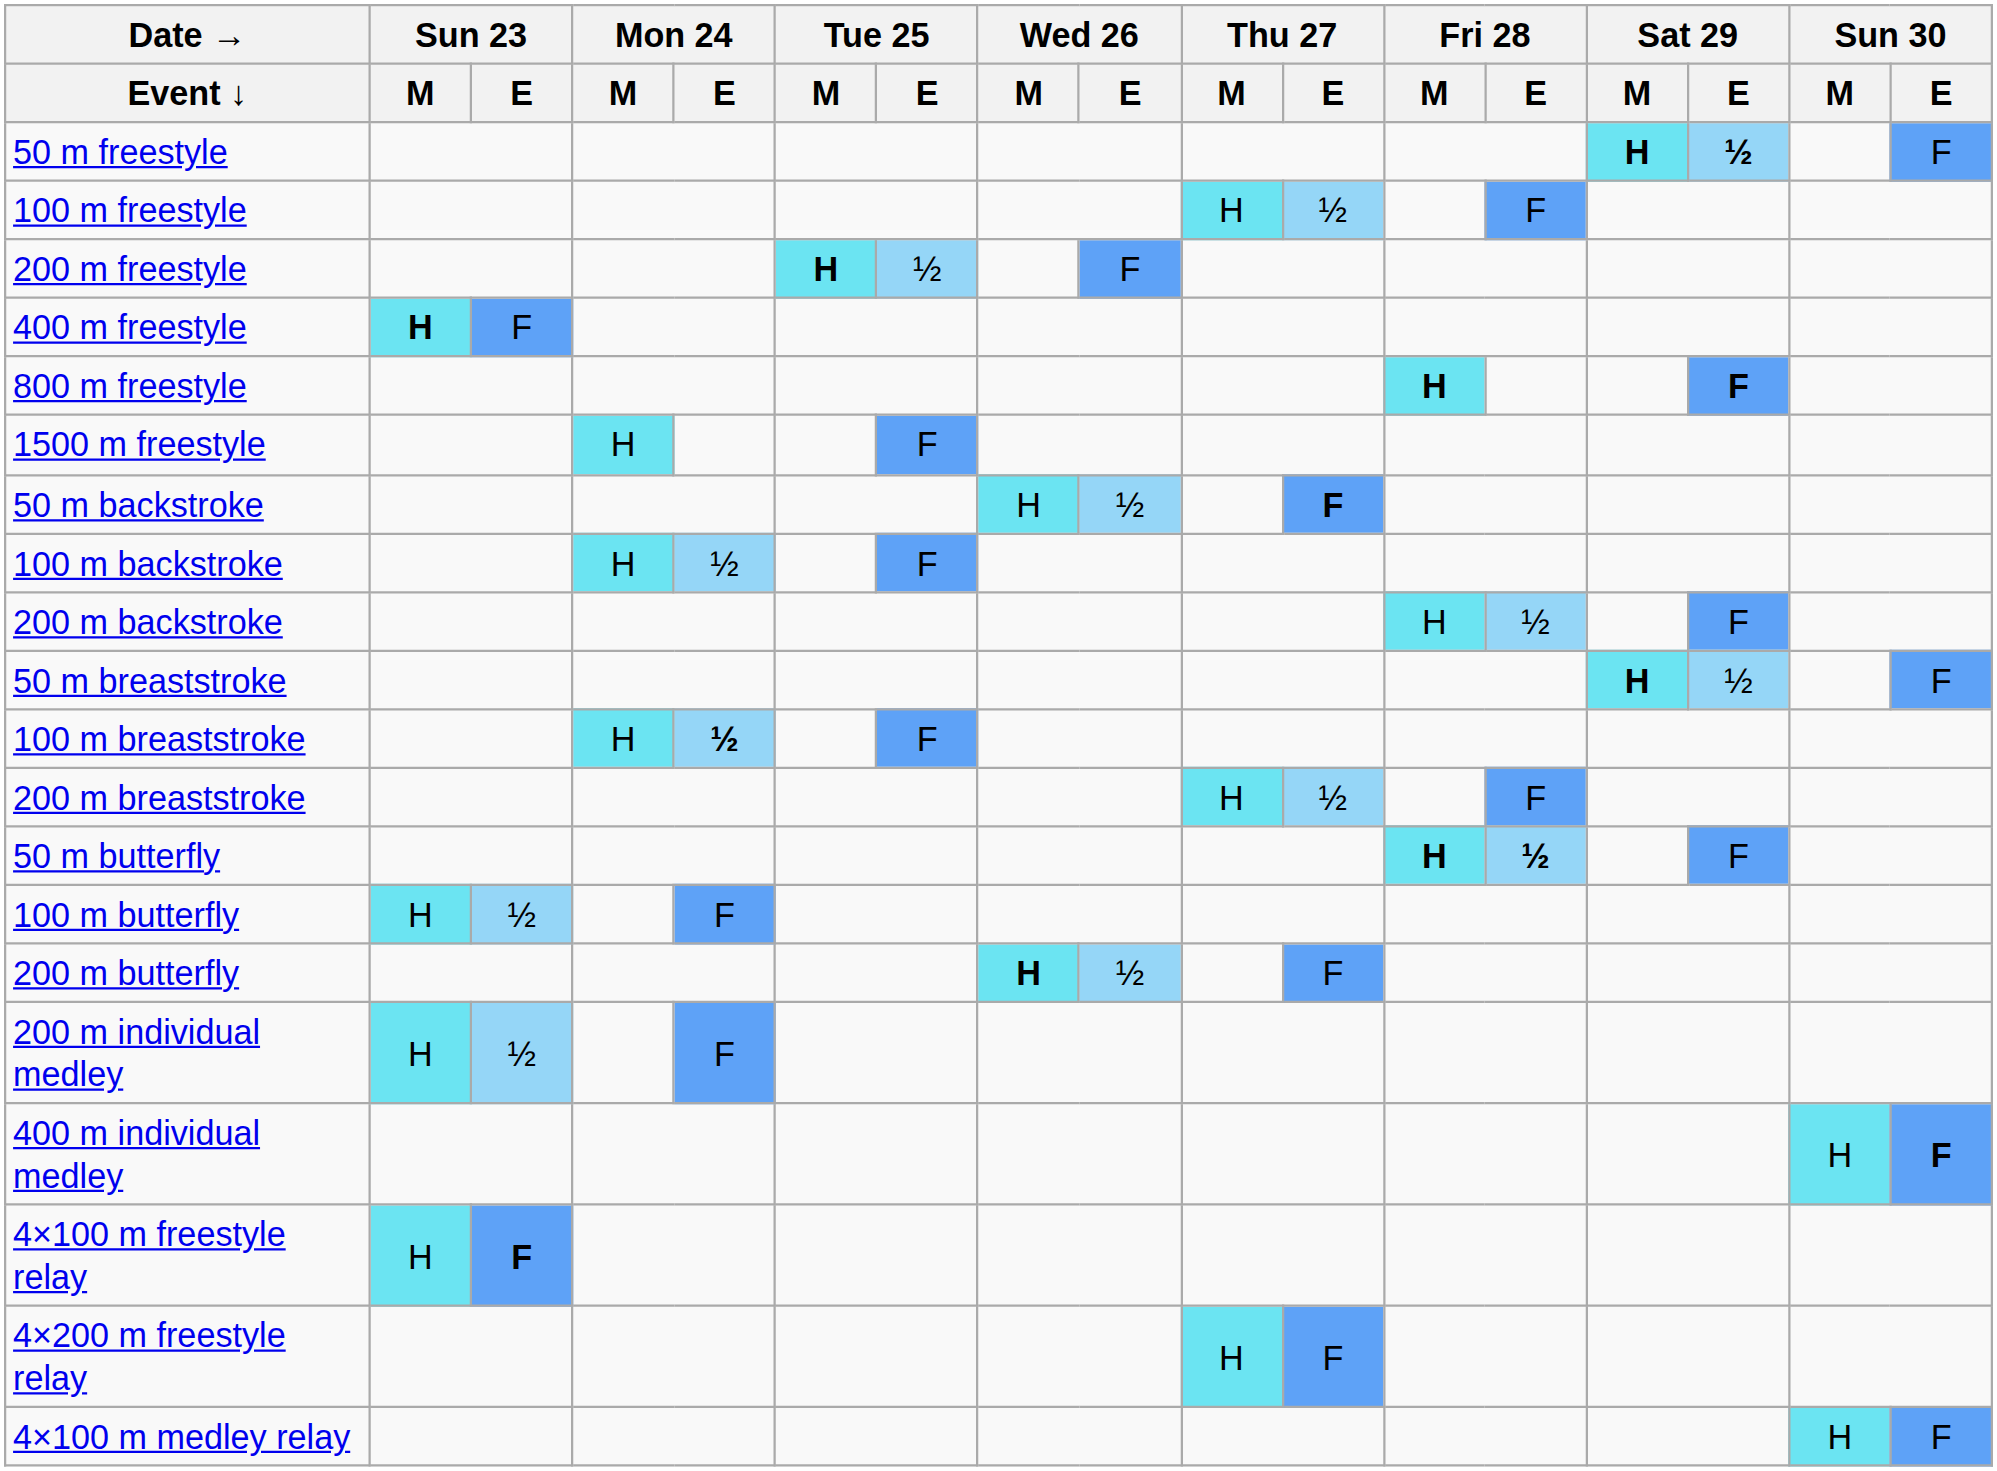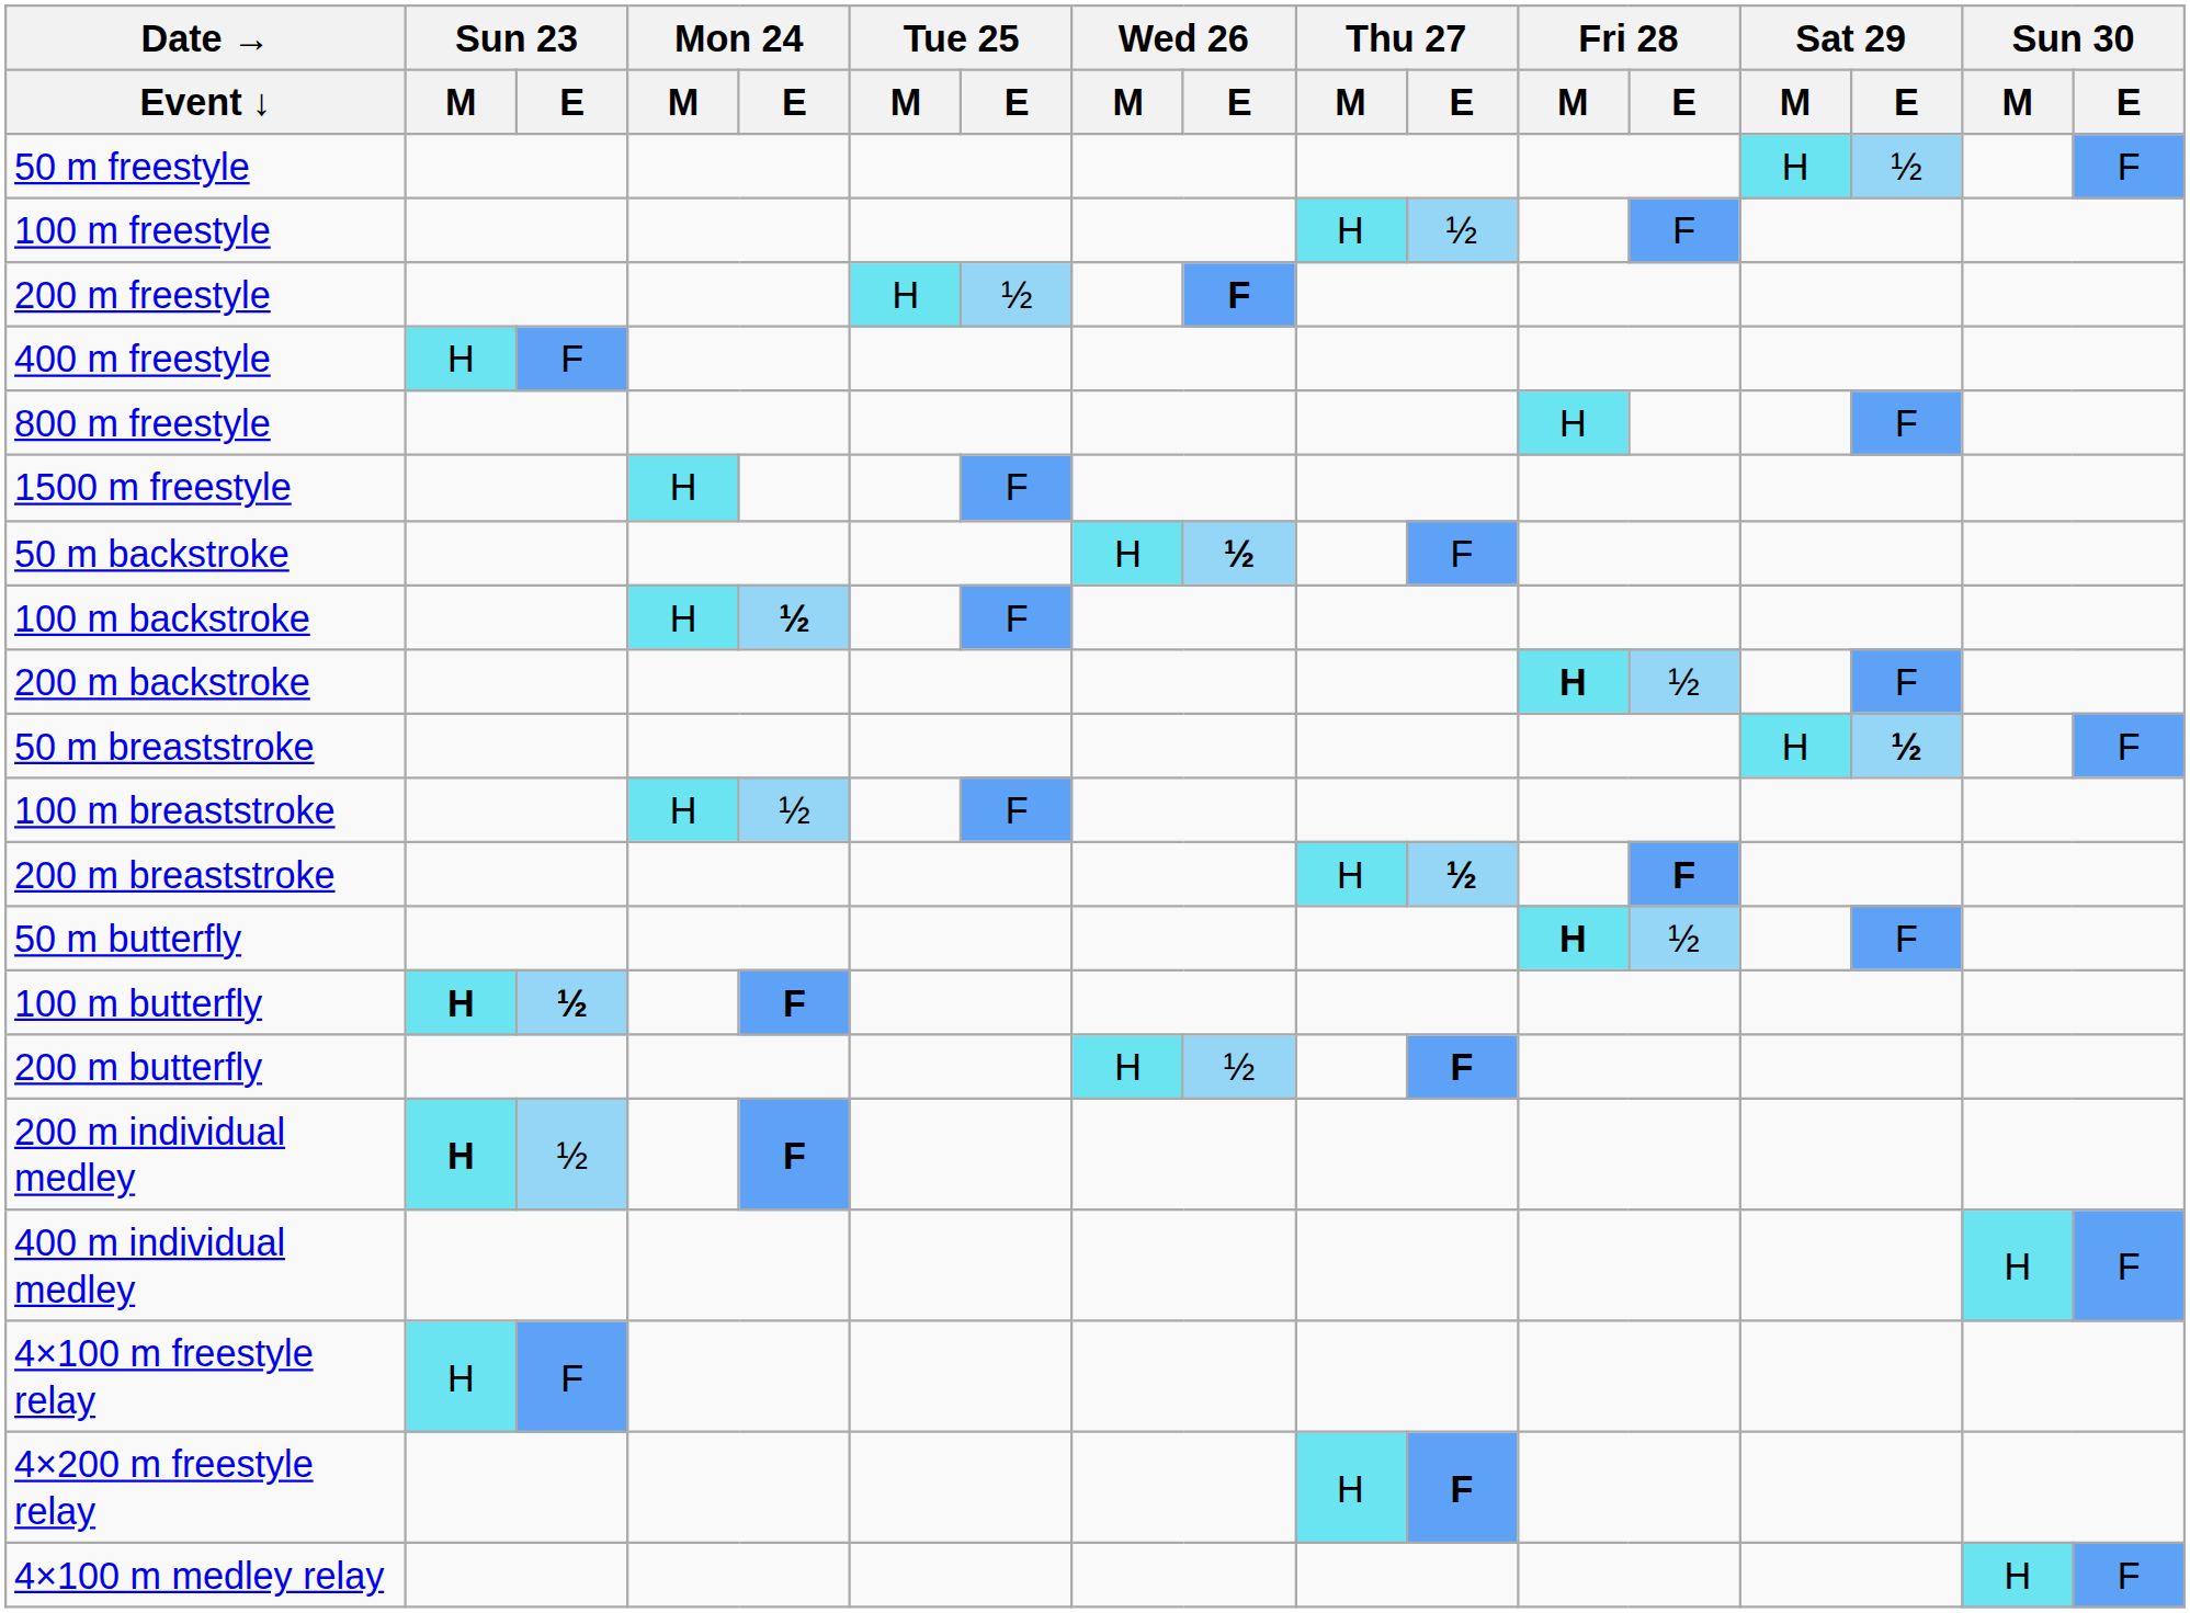 <table class="wikitable" style="margin:0.5em auto; font-size:95%; line-height:1.25em;">
 <tr style="text-align:center;">
 <th>Date →</th>
 <th colspan="2">Sun 23</th>
 <th colspan="2">Mon 24</th>
 <th colspan="2">Tue 25</th>
 <th colspan="2">Wed 26</th>
 <th colspan="2">Thu 27</th>
 <th colspan="2">Fri 28</th>
 <th colspan="2">Sat 29</th>
 <th colspan="2">Sun 30</th>
 </tr>
 <tr>
 <th>Event   ↓</th>
 <th style="width:2.5em;">M</th>
 <th style="width:2.5em;">E</th>
 <th style="width:2.5em;">M</th>
 <th style="width:2.5em;">E</th>
 <th style="width:2.5em;">M</th>
 <th style="width:2.5em;">E</th>
 <th style="width:2.5em;">M</th>
 <th style="width:2.5em;">E</th>
 <th style="width:2.5em;">M</th>
 <th style="width:2.5em;">E</th>
 <th style="width:2.5em;">M</th>
 <th style="width:2.5em;">E</th>
 <th style="width:2.5em;">M</th>
 <th style="width:2.5em;">E</th>
 <th style="width:2.5em;">M</th>
 <th style="width:2.5em;">E</th>
 </tr>
 <tr style="text-align:center;">
 <td style="text-align:left;"><a href='#'>50 m freestyle</a></td>
 <td colspan="2"></td>
 <td colspan="2"></td>
 <td colspan="2"></td>
 <td colspan="2"></td>
 <td colspan="2"></td>
 <td colspan="2"></td>
-<td style="background-color:#6be4f2;"><strong>H</strong></td>
-<td style="background-color:#95d6f7;"><strong>½</strong></td>
+<td style="background-color:#6be4f2;">H</td>
+<td style="background-color:#95d6f7;">½</td>
 <td></td>
 <td style="background-color:#5ea2f7;">F</td>
 </tr>
 <tr style="text-align:center;">
 <td style="text-align:left;"><a href='#'>100 m freestyle</a></td>
 <td colspan="2"></td>
 <td colspan="2"></td>
 <td colspan="2"></td>
 <td colspan="2"></td>
 <td style="background-color:#6be4f2;">H</td>
 <td style="background-color:#95d6f7;">½</td>
 <td></td>
 <td style="background-color:#5ea2f7;">F</td>
 <td colspan="2"></td>
 <td colspan="2"></td>
 </tr>
 <tr style="text-align:center;">
 <td style="text-align:left;"><a href='#'>200 m freestyle</a></td>
 <td colspan="2"></td>
 <td colspan="2"></td>
-<td style="background-color:#6be4f2;"><strong>H</strong></td>
+<td style="background-color:#6be4f2;">H</td>
 <td style="background-color:#95d6f7;">½</td>
 <td></td>
-<td style="background-color:#5ea2f7;">F</td>
+<td style="background-color:#5ea2f7;"><strong>F</strong></td>
 <td colspan="2"></td>
 <td colspan="2"></td>
 <td colspan="2"></td>
 <td colspan="2"></td>
 </tr>
 <tr style="text-align:center;">
 <td style="text-align:left;"><a href='#'>400 m freestyle</a></td>
-<td style="background-color:#6be4f2;"><strong>H</strong></td>
+<td style="background-color:#6be4f2;">H</td>
 <td style="background-color:#5ea2f7;">F</td>
 <td colspan="2"></td>
 <td colspan="2"></td>
 <td colspan="2"></td>
 <td colspan="2"></td>
 <td colspan="2"></td>
 <td colspan="2"></td>
 <td colspan="2"></td>
 </tr>
 <tr style="text-align:center;">
 <td style="text-align:left;"><a href='#'>800 m freestyle</a></td>
 <td colspan="2"></td>
 <td colspan="2"></td>
 <td colspan="2"></td>
 <td colspan="2"></td>
 <td colspan="2"></td>
-<td style="background-color:#6be4f2;"><strong>H</strong></td>
+<td style="background-color:#6be4f2;">H</td>
 <td></td>
 <td></td>
-<td style="background-color:#5ea2f7;"><strong>F</strong></td>
+<td style="background-color:#5ea2f7;">F</td>
 <td colspan="2"></td>
 </tr>
 <tr style="text-align:center;">
 <td style="text-align:left;"><a href='#'>1500 m freestyle</a></td>
 <td colspan="2"></td>
 <td style="background-color:#6be4f2;">H</td>
 <td></td>
 <td></td>
 <td style="background-color:#5ea2f7;">F</td>
 <td colspan="2"></td>
 <td colspan="2"></td>
 <td colspan="2"></td>
 <td colspan="2"></td>
 <td colspan="2"></td>
 </tr>
 <tr style="text-align:center;">
 <td style="text-align:left;"><a href='#'>50 m backstroke</a></td>
 <td colspan="2"></td>
 <td colspan="2"></td>
 <td colspan="2"></td>
 <td style="background-color:#6be4f2;">H</td>
-<td style="background-color:#95d6f7;">½</td>
+<td style="background-color:#95d6f7;"><strong>½</strong></td>
 <td></td>
-<td style="background-color:#5ea2f7;"><strong>F</strong></td>
+<td style="background-color:#5ea2f7;">F</td>
 <td colspan="2"></td>
 <td colspan="2"></td>
 <td colspan="2"></td>
 </tr>
 <tr style="text-align:center;">
 <td style="text-align:left;"><a href='#'>100 m backstroke</a></td>
 <td colspan="2"></td>
 <td style="background-color:#6be4f2;">H</td>
-<td style="background-color:#95d6f7;">½</td>
+<td style="background-color:#95d6f7;"><strong>½</strong></td>
 <td></td>
 <td style="background-color:#5ea2f7;">F</td>
 <td colspan="2"></td>
 <td colspan="2"></td>
 <td colspan="2"></td>
 <td colspan="2"></td>
 <td colspan="2"></td>
 </tr>
 <tr style="text-align:center;">
 <td style="text-align:left;"><a href='#'>200 m backstroke</a></td>
 <td colspan="2"></td>
 <td colspan="2"></td>
 <td colspan="2"></td>
 <td colspan="2"></td>
 <td colspan="2"></td>
-<td style="background-color:#6be4f2;">H</td>
+<td style="background-color:#6be4f2;"><strong>H</strong></td>
 <td style="background-color:#95d6f7;">½</td>
 <td></td>
 <td style="background-color:#5ea2f7;">F</td>
 <td colspan="2"></td>
 </tr>
 <tr style="text-align:center;">
 <td style="text-align:left;"><a href='#'>50 m breaststroke</a></td>
 <td colspan="2"></td>
 <td colspan="2"></td>
 <td colspan="2"></td>
 <td colspan="2"></td>
 <td colspan="2"></td>
 <td colspan="2"></td>
-<td style="background-color:#6be4f2;"><strong>H</strong></td>
-<td style="background-color:#95d6f7;">½</td>
+<td style="background-color:#6be4f2;">H</td>
+<td style="background-color:#95d6f7;"><strong>½</strong></td>
 <td></td>
 <td style="background-color:#5ea2f7;">F</td>
 </tr>
 <tr style="text-align:center;">
 <td style="text-align:left;"><a href='#'>100 m breaststroke</a></td>
 <td colspan="2"></td>
 <td style="background-color:#6be4f2;">H</td>
-<td style="background-color:#95d6f7;"><strong>½</strong></td>
+<td style="background-color:#95d6f7;">½</td>
 <td></td>
 <td style="background-color:#5ea2f7;">F</td>
 <td colspan="2"></td>
 <td colspan="2"></td>
 <td colspan="2"></td>
 <td colspan="2"></td>
 <td colspan="2"></td>
 </tr>
 <tr style="text-align:center;">
 <td style="text-align:left;"><a href='#'>200 m breaststroke</a></td>
 <td colspan="2"></td>
 <td colspan="2"></td>
 <td colspan="2"></td>
 <td colspan="2"></td>
 <td style="background-color:#6be4f2;">H</td>
-<td style="background-color:#95d6f7;">½</td>
+<td style="background-color:#95d6f7;"><strong>½</strong></td>
 <td></td>
-<td style="background-color:#5ea2f7;">F</td>
+<td style="background-color:#5ea2f7;"><strong>F</strong></td>
 <td colspan="2"></td>
 <td colspan="2"></td>
 </tr>
 <tr style="text-align:center;">
 <td style="text-align:left;"><a href='#'>50 m butterfly</a></td>
 <td colspan="2"></td>
 <td colspan="2"></td>
 <td colspan="2"></td>
 <td colspan="2"></td>
 <td colspan="2"></td>
 <td style="background-color:#6be4f2;"><strong>H</strong></td>
-<td style="background-color:#95d6f7;"><strong>½</strong></td>
+<td style="background-color:#95d6f7;">½</td>
 <td></td>
 <td style="background-color:#5ea2f7;">F</td>
 <td colspan="2"></td>
 </tr>
 <tr style="text-align:center;">
 <td style="text-align:left;"><a href='#'>100 m butterfly</a></td>
-<td style="background-color:#6be4f2;">H</td>
-<td style="background-color:#95d6f7;">½</td>
+<td style="background-color:#6be4f2;"><strong>H</strong></td>
+<td style="background-color:#95d6f7;"><strong>½</strong></td>
 <td></td>
-<td style="background-color:#5ea2f7;">F</td>
+<td style="background-color:#5ea2f7;"><strong>F</strong></td>
 <td colspan="2"></td>
 <td colspan="2"></td>
 <td colspan="2"></td>
 <td colspan="2"></td>
 <td colspan="2"></td>
 <td colspan="2"></td>
 </tr>
 <tr style="text-align:center;">
 <td style="text-align:left;"><a href='#'>200 m butterfly</a></td>
 <td colspan="2"></td>
 <td colspan="2"></td>
 <td colspan="2"></td>
-<td style="background-color:#6be4f2;"><strong>H</strong></td>
+<td style="background-color:#6be4f2;">H</td>
 <td style="background-color:#95d6f7;">½</td>
 <td></td>
-<td style="background-color:#5ea2f7;">F</td>
+<td style="background-color:#5ea2f7;"><strong>F</strong></td>
 <td colspan="2"></td>
 <td colspan="2"></td>
 <td colspan="2"></td>
 </tr>
 <tr style="text-align:center;">
 <td style="text-align:left;"><a href='#'>200 m individual medley</a></td>
-<td style="background-color:#6be4f2;">H</td>
+<td style="background-color:#6be4f2;"><strong>H</strong></td>
 <td style="background-color:#95d6f7;">½</td>
 <td></td>
-<td style="background-color:#5ea2f7;">F</td>
+<td style="background-color:#5ea2f7;"><strong>F</strong></td>
 <td colspan="2"></td>
 <td colspan="2"></td>
 <td colspan="2"></td>
 <td colspan="2"></td>
 <td colspan="2"></td>
 <td colspan="2"></td>
 </tr>
 <tr style="text-align:center;">
 <td style="text-align:left;"><a href='#'>400 m individual medley</a></td>
 <td colspan="2"></td>
 <td colspan="2"></td>
 <td colspan="2"></td>
 <td colspan="2"></td>
 <td colspan="2"></td>
 <td colspan="2"></td>
 <td colspan="2"></td>
 <td style="background-color:#6be4f2;">H</td>
-<td style="background-color:#5ea2f7;"><strong>F</strong></td>
+<td style="background-color:#5ea2f7;">F</td>
 </tr>
 <tr style="text-align:center;">
 <td style="text-align:left;"><a href='#'>4×100 m freestyle relay</a></td>
 <td style="background-color:#6be4f2;">H</td>
-<td style="background-color:#5ea2f7;"><strong>F</strong></td>
+<td style="background-color:#5ea2f7;">F</td>
 <td colspan="2"></td>
 <td colspan="2"></td>
 <td colspan="2"></td>
 <td colspan="2"></td>
 <td colspan="2"></td>
 <td colspan="2"></td>
 <td colspan="2"></td>
 </tr>
 <tr style="text-align:center;">
 <td style="text-align:left;"><a href='#'>4×200 m freestyle relay</a></td>
 <td colspan="2"></td>
 <td colspan="2"></td>
 <td colspan="2"></td>
 <td colspan="2"></td>
 <td style="background-color:#6be4f2;">H</td>
-<td style="background-color:#5ea2f7;">F</td>
+<td style="background-color:#5ea2f7;"><strong>F</strong></td>
 <td colspan="2"></td>
 <td colspan="2"></td>
 <td colspan="2"></td>
 </tr>
 <tr style="text-align:center;">
 <td style="text-align:left;"><a href='#'>4×100 m medley relay</a></td>
 <td colspan="2"></td>
 <td colspan="2"></td>
 <td colspan="2"></td>
 <td colspan="2"></td>
 <td colspan="2"></td>
 <td colspan="2"></td>
 <td colspan="2"></td>
 <td style="background-color:#6be4f2;">H</td>
 <td style="background-color:#5ea2f7;">F</td>
 </tr>
 </table>
